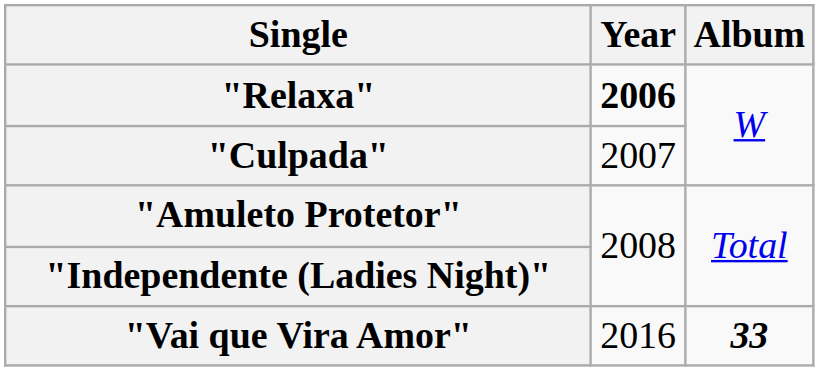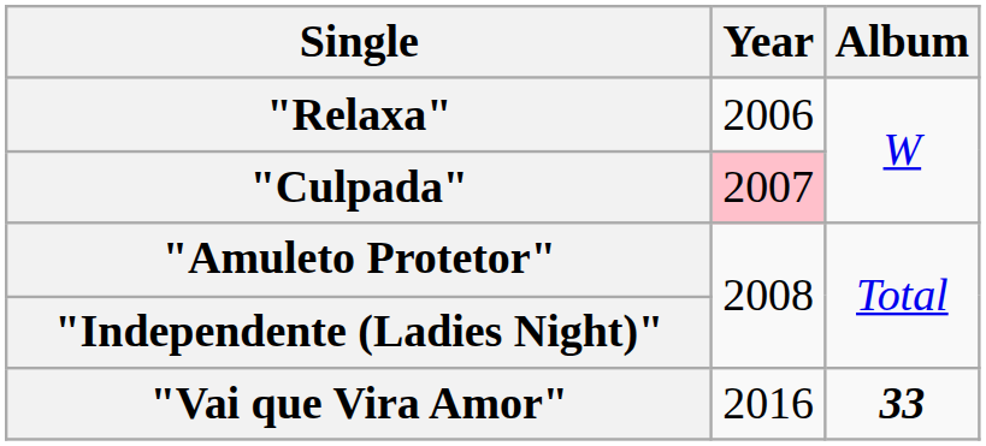 <table class="wikitable plainrowheaders" style="text-align:center;" border="1">
 <tr>
 <th scope="colw" style="width:15em;">Single</th>
 <th scope="col">Year</th>
 <th scope="col">Album</th>
 </tr>
 <tr>
 <th scope="row">"Relaxa"</th>
-<td><strong>2006</strong></td>
+<td>2006</td>
 <td rowspan="2"><em><a href='#'>W</a></em></td>
 </tr>
 <tr>
 <th scope="row">"Culpada"</th>
-<td>2007</td>
+<td style="background: pink;">2007</td>
 </tr>
 <tr>
 <th scope="row">"Amuleto Protetor"</th>
 <td rowspan="2">2008</td>
 <td rowspan="2"><em><a href='#'>Total</a></em></td>
 </tr>
 <tr>
 <th scope="row">"Independente (Ladies Night)"</th>
 </tr>
 <tr>
 <th scope="row">"Vai que Vira Amor"</th>
 <td rowspan="1">2016</td>
 <td rowspan="1"><strong><em>33</em></strong></td>
 </tr>
 </table>
